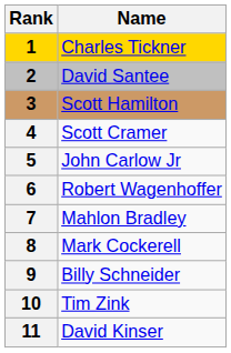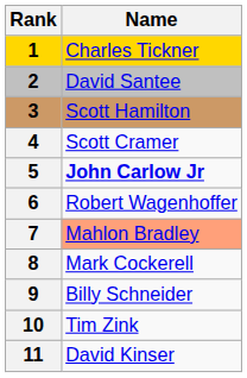 <table class="wikitable">
 <tr>
 <th>Rank</th>
 <th>Name</th>
 </tr>
 <tr bgcolor="gold">
 <td align="center"><strong>1</strong></td>
 <td><a href='#'>Charles Tickner</a></td>
 </tr>
 <tr bgcolor="silver">
 <td align="center"><strong>2</strong></td>
 <td><a href='#'>David Santee</a></td>
 </tr>
 <tr bgcolor="cc9966">
 <td align="center"><strong>3</strong></td>
 <td><a href='#'>Scott Hamilton</a></td>
 </tr>
 <tr>
 <th>4</th>
 <td><a href='#'>Scott Cramer</a></td>
 </tr>
 <tr>
 <th>5</th>
-<td><a href='#'>John Carlow Jr</a></td>
+<td><strong><a href='#'>John Carlow Jr</a></strong></td>
 </tr>
 <tr>
 <th>6</th>
 <td><a href='#'>Robert Wagenhoffer</a></td>
 </tr>
 <tr>
 <th>7</th>
-<td><a href='#'>Mahlon Bradley</a></td>
+<td style="background: lightsalmon;"><a href='#'>Mahlon Bradley</a></td>
 </tr>
 <tr>
 <th>8</th>
 <td><a href='#'>Mark Cockerell</a></td>
 </tr>
 <tr>
 <th>9</th>
 <td><a href='#'>Billy Schneider</a></td>
 </tr>
 <tr>
 <th>10</th>
 <td><a href='#'>Tim Zink</a></td>
 </tr>
 <tr>
 <th>11</th>
 <td><a href='#'>David Kinser</a></td>
 </tr>
 </table>
